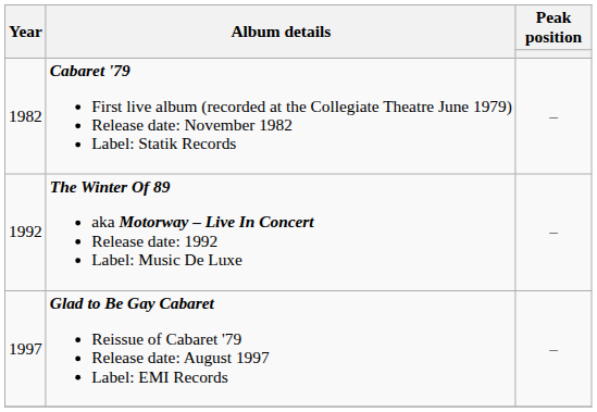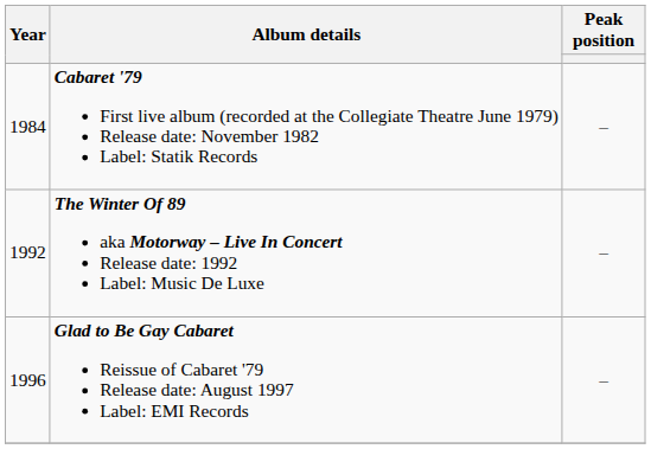 <table class="wikitable" style="text-align:center;">
 <tr>
 <th rowspan="2">Year</th>
 <th rowspan="2">Album details</th>
 <th colspan="1">Peak<br>position</th>
 </tr>
 <tr>
 <th width="65"></th>
 </tr>
 <tr>
-<td>1982</td>
+<td>1984</td>
 <td align="left"><strong><em>Cabaret '79</em></strong><br><ul><li>First live album (recorded at the Collegiate Theatre June 1979)</li><li>Release date: November 1982</li><li>Label: Statik Records</li></ul></td>
 <td>–</td>
 </tr>
 <tr>
 <td>1992</td>
 <td align="left"><strong><em>The Winter Of 89</em></strong><br><ul><li>aka <strong><em>Motorway – Live In Concert</em></strong></li><li>Release date: 1992</li><li>Label: Music De Luxe</li></ul></td>
 <td>–</td>
 </tr>
 <tr>
-<td>1997</td>
+<td>1996</td>
 <td align="left"><strong><em>Glad to Be Gay Cabaret</em></strong><br><ul><li>Reissue of Cabaret '79</li><li>Release date: August 1997</li><li>Label: EMI Records</li></ul></td>
 <td>–</td>
 </tr>
 <tr>
 </tr>
 </table>
